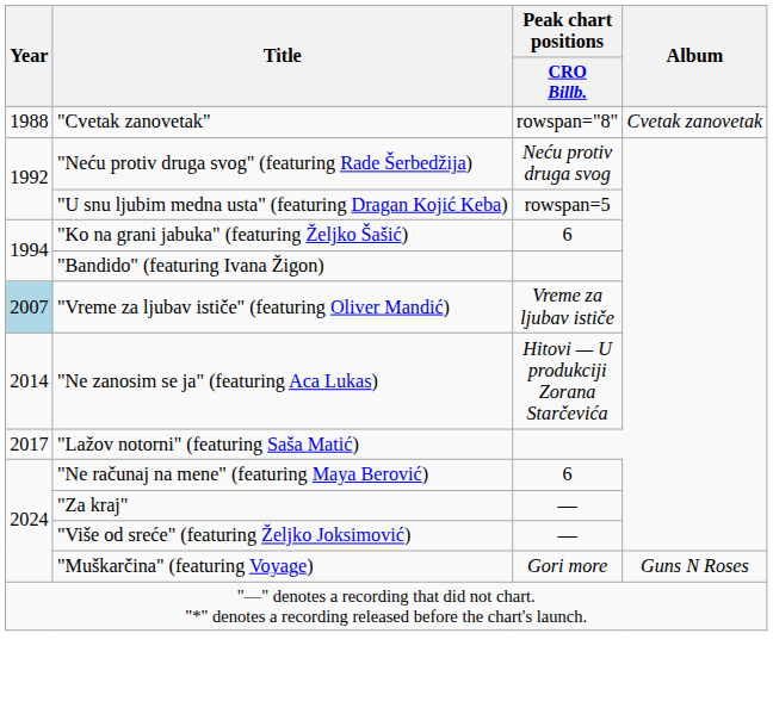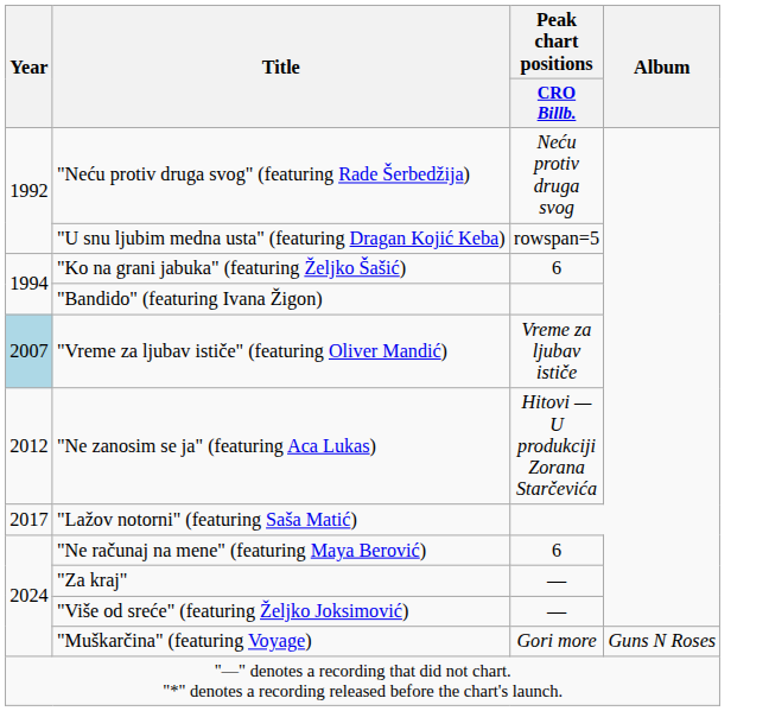 <table class="wikitable plainrowheaders" style="text-align: center;">
 <tr>
 <th scope="col" rowspan="2">Year</th>
 <th scope="col" rowspan="2">Title</th>
 <th scope="col" colspan="1">Peak chart positions</th>
 <th scope="col" rowspan="2">Album</th>
 </tr>
 <tr>
 <th scope="col" style="width:2.5em;font-size:90%;"><a href='#'>CRO<br><em>Billb.</em></a><br></th>
-</tr>
-<tr>
-<td>1988</td>
-<td align=left>"Cvetak zanovetak"</td>
-<td>rowspan="8" </td>
-<td><em>Cvetak zanovetak</em></td>
 </tr>
 <tr>
 <td rowspan=2>1992</td>
 <td align=left>"Neću protiv druga svog" (featuring <a href='#'>Rade Šerbedžija</a>)</td>
 <td><em>Neću protiv druga svog</em></td>
 </tr>
 <tr>
 <td align=left>"U snu ljubim medna usta" (featuring <a href='#'>Dragan Kojić Keba</a>)</td>
 <td>rowspan=5 </td>
 </tr>
 <tr>
 <td rowspan=2>1994</td>
 <td align=left>"Ko na grani jabuka" (featuring <a href='#'>Željko Šašić</a>)</td>
 <td>6</td>
 </tr>
 <tr>
 <td align=left>"Bandido" (featuring Ivana Žigon)</td>
 <td></td>
 </tr>
 <tr>
 <td style="background: lightblue;">2007</td>
 <td align=left>"Vreme za ljubav ističe" (featuring <a href='#'>Oliver Mandić</a>)</td>
 <td><em>Vreme za ljubav ističe</em></td>
 </tr>
 <tr>
-<td>2014</td>
+<td>2012</td>
 <td align=left>"Ne zanosim se ja" (featuring <a href='#'>Aca Lukas</a>)</td>
 <td><em>Hitovi — U produkciji Zorana Starčevića</em></td>
 </tr>
 <tr>
 <td>2017</td>
 <td align=left>"Lažov notorni" (featuring <a href='#'>Saša Matić</a>)</td>
 </tr>
 <tr>
 <td rowspan=4>2024</td>
 <td align=left>"Ne računaj na mene" (featuring <a href='#'>Maya Berović</a>)</td>
 <td>6</td>
 </tr>
 <tr>
 <td align=left>"Za kraj"</td>
 <td>—</td>
 </tr>
 <tr>
 <td align=left>"Više od sreće" (featuring <a href='#'>Željko Joksimović</a>)</td>
 <td>—</td>
 </tr>
 <tr>
 <td align=left>"Muškarčina" (featuring <a href='#'>Voyage</a>)</td>
 <td><em>Gori more</em></td>
 <td><em>Guns N Roses</em></td>
 </tr>
 <tr>
 <td colspan="4" style="font-size:90%">"—" denotes a recording that did not chart.<br>"*" denotes a recording released before the chart's launch.</td>
 </tr>
 </table>
